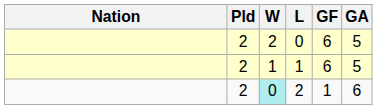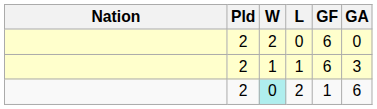 <table class=wikitable style="text-align:center">
 <tr>
 <th width=220]]>Nation</th>
 <th width=20]]>Pld</th>
 <th width=20>W</th>
 <th width=20]]>L</th>
 <th width=20]]>GF</th>
 <th width=20]]>GA</th>
 </tr>
 <tr bgcolor=#ffffcc>
 <td align=left></td>
 <td>2</td>
 <td>2</td>
 <td>0</td>
 <td>6</td>
-<td>5</td>
+<td>0</td>
 </tr>
 <tr bgcolor=#ffffcc>
 <td align=left></td>
 <td>2</td>
 <td>1</td>
 <td>1</td>
 <td>6</td>
-<td>5</td>
+<td>3</td>
 </tr>
 <tr>
 <td align=left></td>
 <td>2</td>
 <td style="background: paleturquoise;">0</td>
 <td>2</td>
 <td>1</td>
 <td>6</td>
 </tr>
 </table>
